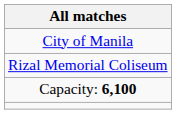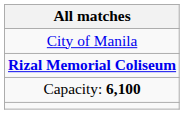 <table class="wikitable" style="text-align:center">
 <tr>
 <th>All matches</th>
 </tr>
 <tr>
 <td><a href='#'>City of Manila</a></td>
 </tr>
 <tr>
-<td><a href='#'>Rizal Memorial Coliseum</a></td>
+<td><strong><a href='#'>Rizal Memorial Coliseum</a></strong></td>
 </tr>
 <tr>
 <td>Capacity: <strong>6,100</strong></td>
 </tr>
 <tr>
 <td></td>
 </tr>
 </table>
